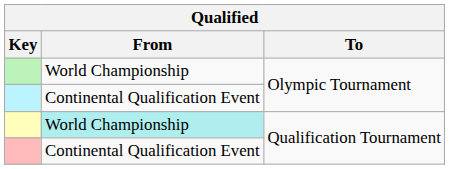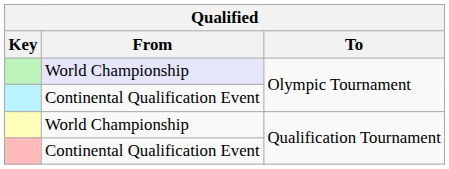 <table class="wikitable">
 <tr>
 <th colspan=3>Qualified</th>
 </tr>
 <tr>
 <th>Key</th>
 <th>From</th>
 <th>To</th>
 </tr>
 <tr>
 <td bgcolor=#BBF3BB></td>
-<td>World Championship</td>
+<td style="background: lavender;">World Championship</td>
 <td rowspan=2>Olympic Tournament</td>
 </tr>
 <tr>
 <td bgcolor=#BBF3FF></td>
 <td>Continental Qualification Event</td>
 </tr>
 <tr>
 <td bgcolor=#FFFFBB></td>
-<td style="background: paleturquoise;">World Championship</td>
+<td>World Championship</td>
 <td rowspan=2>Qualification Tournament</td>
 </tr>
 <tr>
 <td bgcolor=#FFBBBB></td>
 <td>Continental Qualification Event</td>
 </tr>
 </table>
